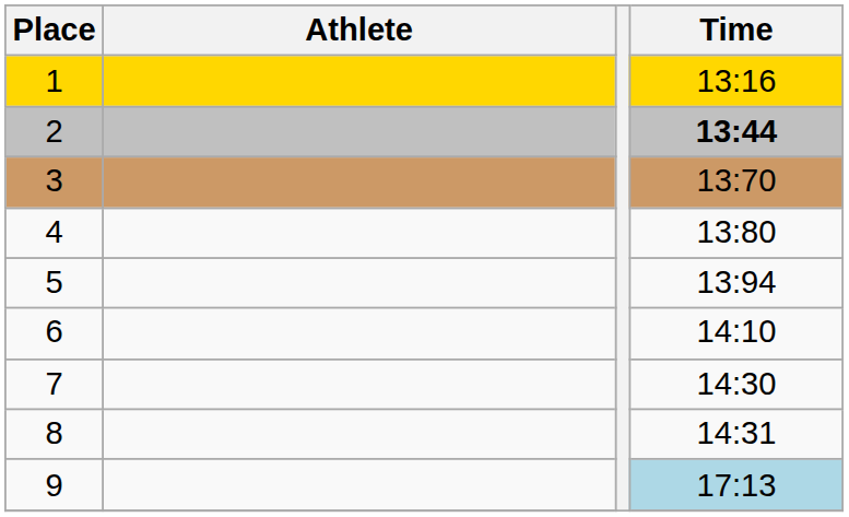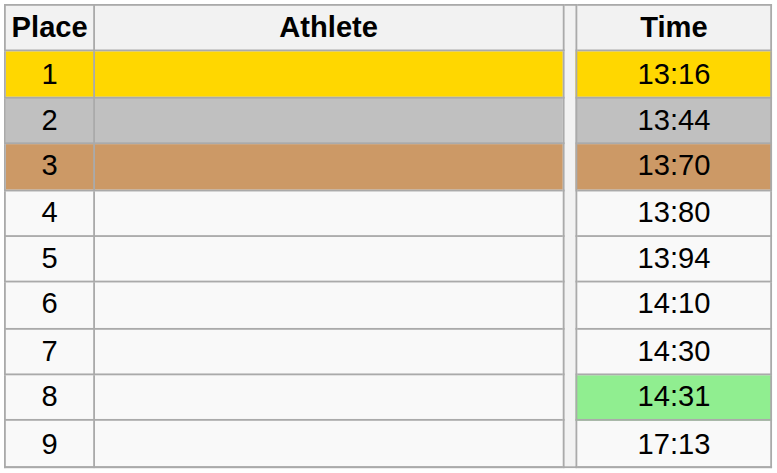 <table class="wikitable" style="text-align:center">
 <tr>
 <th>Place</th>
 <th width=250>Athlete</th>
 <th rowspan=27></th>
 <th width=100>Time</th>
 </tr>
 <tr bgcolor=gold>
 <td>1</td>
 <td align=left></td>
 <td>13:16</td>
 </tr>
 <tr bgcolor=silver>
 <td>2</td>
 <td align=left></td>
-<td><strong>13:44</strong></td>
+<td>13:44</td>
 </tr>
 <tr bgcolor=cc9966>
 <td>3</td>
 <td align=left></td>
 <td>13:70</td>
 </tr>
 <tr>
 <td>4</td>
 <td align=left></td>
 <td>13:80</td>
 </tr>
 <tr>
 <td>5</td>
 <td align=left></td>
 <td>13:94</td>
 </tr>
 <tr>
 <td>6</td>
 <td align=left></td>
 <td>14:10</td>
 </tr>
 <tr>
 <td>7</td>
 <td align=left></td>
 <td>14:30</td>
 </tr>
 <tr>
 <td>8</td>
 <td align=left></td>
-<td>14:31</td>
+<td style="background: lightgreen;">14:31</td>
 </tr>
 <tr>
 <td>9</td>
 <td align=left></td>
-<td style="background: lightblue;">17:13</td>
+<td>17:13</td>
 </tr>
 <tr>
 </tr>
 </table>
